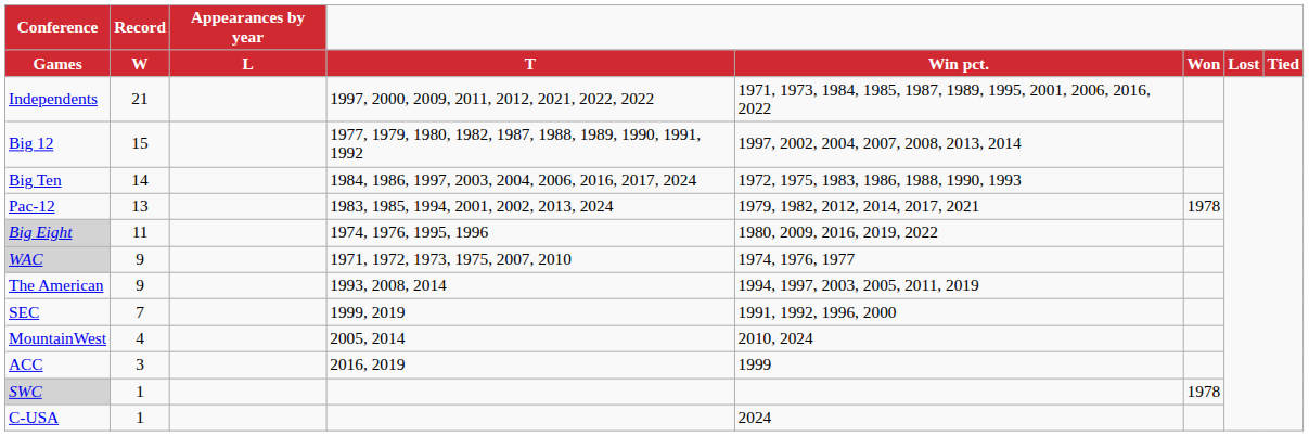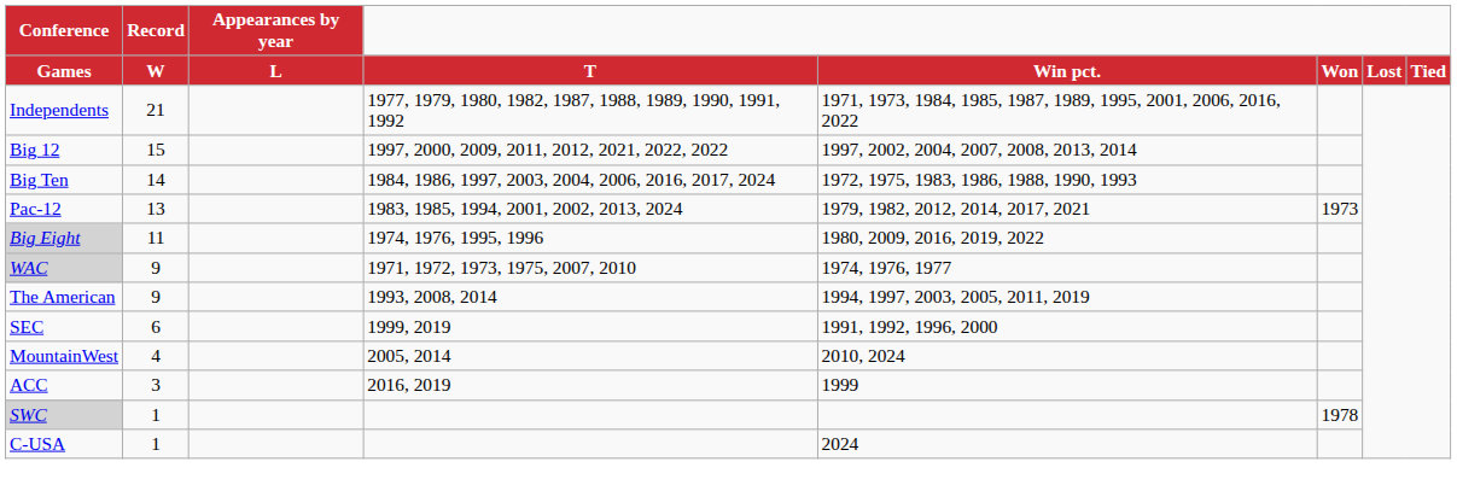 <table class = "wikitable sortable">
 <tr>
 <th style="background:#D02931; color:#FFFFFF; ">Conference</th>
 <th style="background:#D02931; color:#FFFFFF; ">Record</th>
 <th style="background:#D02931; color:#FFFFFF; ">Appearances by year</th>
 </tr>
 <tr>
 <th style="background:#D02931; color:#FFFFFF; ">Games</th>
 <th style="background:#D02931; color:#FFFFFF; ">W</th>
 <th style="background:#D02931; color:#FFFFFF; ">L</th>
 <th style="background:#D02931; color:#FFFFFF; ">T</th>
 <th style="background:#D02931; color:#FFFFFF; ">Win pct.</th>
 <th style="background:#D02931; color:#FFFFFF; ">Won</th>
 <th style="background:#D02931; color:#FFFFFF; ">Lost</th>
 <th style="background:#D02931; color:#FFFFFF; ">Tied</th>
 </tr>
 <tr>
 <td><a href='#'>Independents</a></td>
 <td align=center>21</td>
 <td></td>
-<td>1997, 2000, 2009, 2011, 2012, 2021, 2022, 2022</td>
+<td>1977, 1979, 1980, 1982, 1987, 1988, 1989, 1990, 1991, 1992</td>
 <td>1971, 1973, 1984, 1985, 1987, 1989, 1995, 2001, 2006, 2016, 2022</td>
 <td></td>
 </tr>
 <tr>
 <td><a href='#'>Big 12</a></td>
 <td align=center>15</td>
 <td></td>
-<td>1977, 1979, 1980, 1982, 1987, 1988, 1989, 1990, 1991, 1992</td>
+<td>1997, 2000, 2009, 2011, 2012, 2021, 2022, 2022</td>
 <td>1997, 2002, 2004, 2007, 2008, 2013, 2014</td>
 <td></td>
 </tr>
 <tr>
 <td><a href='#'>Big Ten</a></td>
 <td align=center>14</td>
 <td></td>
 <td>1984, 1986, 1997, 2003, 2004, 2006, 2016, 2017, 2024</td>
 <td>1972, 1975, 1983, 1986, 1988, 1990, 1993</td>
 <td></td>
 </tr>
 <tr>
 <td><a href='#'>Pac-12</a></td>
 <td align=center>13</td>
 <td></td>
 <td>1983, 1985, 1994, 2001, 2002, 2013, 2024</td>
 <td>1979, 1982, 2012, 2014, 2017, 2021</td>
-<td>1978</td>
+<td>1973</td>
 </tr>
 <tr>
 <td bgcolor=lightgrey><em><a href='#'>Big Eight</a></em></td>
 <td align=center>11</td>
 <td></td>
 <td>1974, 1976, 1995, 1996</td>
 <td>1980, 2009, 2016, 2019, 2022</td>
 <td></td>
 </tr>
 <tr>
 <td bgcolor=lightgrey><em><a href='#'>WAC</a></em></td>
 <td align=center>9</td>
 <td></td>
 <td>1971, 1972, 1973, 1975, 2007, 2010</td>
 <td>1974, 1976, 1977</td>
 <td></td>
 </tr>
 <tr>
 <td><a href='#'>The American</a></td>
 <td align=center>9</td>
 <td></td>
 <td>1993, 2008, 2014</td>
 <td>1994, 1997, 2003, 2005, 2011, 2019</td>
 <td></td>
 </tr>
 <tr>
 <td><a href='#'>SEC</a></td>
-<td align=center>7</td>
+<td align=center>6</td>
 <td></td>
 <td>1999, 2019</td>
 <td>1991, 1992, 1996, 2000</td>
 <td></td>
 </tr>
 <tr>
 <td><a href='#'>MountainWest</a></td>
 <td align=center>4</td>
 <td></td>
 <td>2005, 2014</td>
 <td>2010, 2024</td>
 <td></td>
 </tr>
 <tr>
 <td><a href='#'>ACC</a></td>
 <td align=center>3</td>
 <td></td>
 <td>2016, 2019</td>
 <td>1999</td>
 <td></td>
 </tr>
 <tr>
 <td bgcolor=lightgrey><em><a href='#'>SWC</a></em></td>
 <td align=center>1</td>
 <td></td>
 <td></td>
 <td></td>
 <td>1978</td>
 </tr>
 <tr>
 <td><a href='#'>C-USA</a></td>
 <td align=center>1</td>
 <td></td>
 <td></td>
 <td>2024</td>
 <td></td>
 </tr>
 </table>
